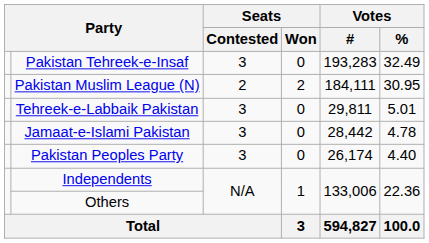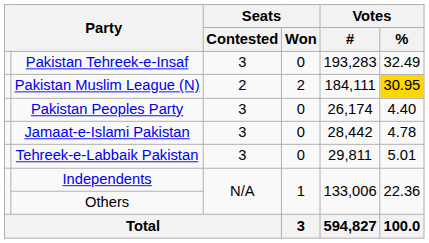 <table class="wikitable" style="text-align: center">
 <tr>
 <th colspan="2" rowspan="2">Party</th>
 <th colspan="2">Seats</th>
 <th colspan="2">Votes</th>
 </tr>
 <tr>
 <th>Contested</th>
 <th>Won</th>
 <th>#</th>
 <th>%</th>
 </tr>
 <tr>
 <td style="background:"></td>
 <td><a href='#'>Pakistan Tehreek-e-Insaf</a></td>
 <td>3</td>
 <td>0</td>
 <td>193,283</td>
 <td>32.49</td>
 </tr>
 <tr>
 <td style="background:"></td>
 <td><a href='#'>Pakistan Muslim League (N)</a></td>
 <td>2</td>
 <td>2</td>
 <td>184,111</td>
-<td>30.95</td>
+<td style="background: gold;">30.95</td>
 </tr>
 <tr>
 <td style="background:"></td>
-<td><a href='#'>Tehreek-e-Labbaik Pakistan</a></td>
+<td><a href='#'>Pakistan Peoples Party</a></td>
 <td>3</td>
 <td>0</td>
-<td>29,811</td>
-<td>5.01</td>
+<td>26,174</td>
+<td>4.40</td>
 </tr>
 <tr>
 <td style="background:"></td>
 <td><a href='#'>Jamaat-e-Islami Pakistan</a></td>
 <td>3</td>
 <td>0</td>
 <td>28,442</td>
 <td>4.78</td>
 </tr>
 <tr>
 <td style="background:"></td>
-<td><a href='#'>Pakistan Peoples Party</a></td>
+<td><a href='#'>Tehreek-e-Labbaik Pakistan</a></td>
 <td>3</td>
 <td>0</td>
-<td>26,174</td>
-<td>4.40</td>
+<td>29,811</td>
+<td>5.01</td>
 </tr>
 <tr>
 <td rowspan="2" style="background:"></td>
 <td><a href='#'>Independents</a></td>
 <td rowspan="2">N/A</td>
 <td rowspan="2">1</td>
 <td rowspan="2">133,006</td>
 <td rowspan="2">22.36</td>
 </tr>
 <tr>
 <td>Others</td>
 </tr>
 <tr>
 <th colspan="3">Total</th>
 <th>3</th>
 <th>594,827</th>
 <th>100.0</th>
 </tr>
 </table>
